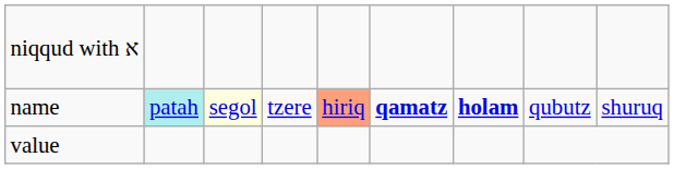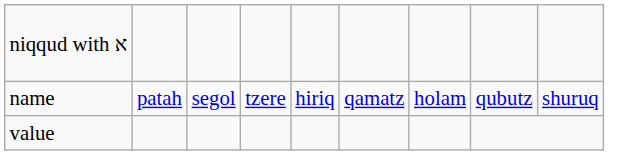 <table class="wikitable" style="font-size: 95%;" style="text-align:center;">
 <tr>
 <td>niqqud with א</td>
 <td style="font-family: 'david'; font-size:250%" height=40 valign=top></td>
 <td style="font-family: 'david'; font-size:250%" height=40 valign=top></td>
 <td style="font-family: 'david'; font-size:250%" height=40 valign=top></td>
 <td style="font-family: 'david'; font-size:250%" height=40 valign=top></td>
 <td style="font-family: 'david'; font-size:250%" height=40 valign=top></td>
 <td style="font-family: 'david'; font-size:250%" height=40 valign=top></td>
 <td style="font-family: 'david'; font-size:250%" height=40 valign=top></td>
 <td style="font-family: 'david'; font-size:250%" height=40 valign=top></td>
 </tr>
 <tr>
 <td>name</td>
-<td style="background: paleturquoise;"><a href='#'>patah</a></td>
-<td style="background: lightyellow;"><a href='#'>segol</a></td>
+<td><a href='#'>patah</a></td>
+<td><a href='#'>segol</a></td>
 <td><a href='#'>tzere</a></td>
-<td style="background: lightsalmon;"><a href='#'>hiriq</a></td>
-<td><strong><a href='#'>qamatz</a></strong></td>
-<td><strong><a href='#'>holam</a></strong></td>
+<td><a href='#'>hiriq</a></td>
+<td><a href='#'>qamatz</a></td>
+<td><a href='#'>holam</a></td>
 <td><a href='#'>qubutz</a></td>
 <td><a href='#'>shuruq</a></td>
 </tr>
 <tr>
 <td>value</td>
 <td></td>
 <td></td>
 <td></td>
 <td></td>
 <td></td>
 <td></td>
 <td colspan="2"></td>
 </tr>
 </table>
